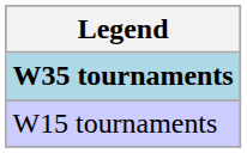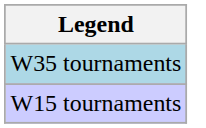 <table class=wikitable style=font-size:85%>
 <tr>
 <th>Legend</th>
 </tr>
 <tr style="background:lightblue;">
-<td><strong>W35 tournaments</strong></td>
+<td>W35 tournaments</td>
 </tr>
 <tr style="background:#ccf;">
 <td>W15 tournaments</td>
 </tr>
 </table>
